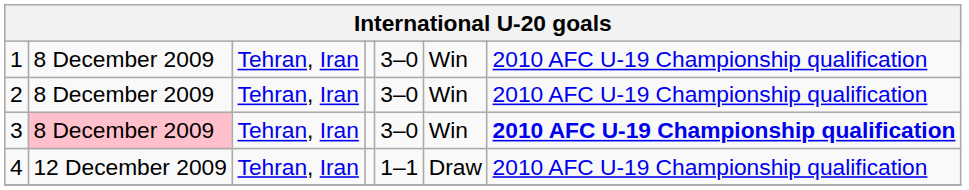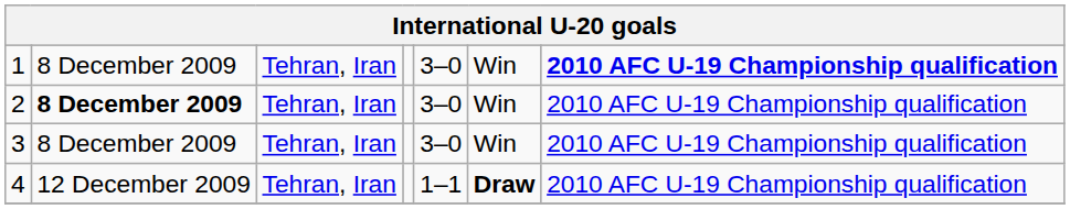 <table class="wikitable collapsible collapsed" style="font-size:90%">
 <tr>
 <th colspan=8>International U-20 goals</th>
 </tr>
 <tr>
 <td>1</td>
 <td>8 December 2009</td>
 <td><a href='#'>Tehran</a>, <a href='#'>Iran</a></td>
 <td></td>
 <td>3–0</td>
 <td>Win</td>
+<td><strong><a href='#'>2010 AFC U-19 Championship qualification</a></strong></td>
+</tr>
+<tr>
+<td>2</td>
+<td><strong>8 December 2009</strong></td>
+<td><a href='#'>Tehran</a>, <a href='#'>Iran</a></td>
+<td></td>
+<td>3–0</td>
+<td>Win</td>
 <td><a href='#'>2010 AFC U-19 Championship qualification</a></td>
 </tr>
 <tr>
-<td>2</td>
+<td>3</td>
 <td>8 December 2009</td>
 <td><a href='#'>Tehran</a>, <a href='#'>Iran</a></td>
 <td></td>
 <td>3–0</td>
 <td>Win</td>
 <td><a href='#'>2010 AFC U-19 Championship qualification</a></td>
 </tr>
 <tr>
-<td>3</td>
-<td style="background: pink;">8 December 2009</td>
-<td><a href='#'>Tehran</a>, <a href='#'>Iran</a></td>
-<td></td>
-<td>3–0</td>
-<td>Win</td>
-<td><strong><a href='#'>2010 AFC U-19 Championship qualification</a></strong></td>
-</tr>
-<tr>
 <td>4</td>
 <td>12 December 2009</td>
 <td><a href='#'>Tehran</a>, <a href='#'>Iran</a></td>
 <td></td>
 <td>1–1</td>
-<td>Draw</td>
+<td><strong>Draw</strong></td>
 <td><a href='#'>2010 AFC U-19 Championship qualification</a></td>
 </tr>
 <tr>
 </tr>
 </table>
